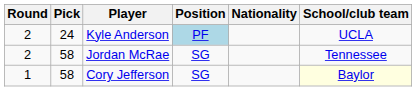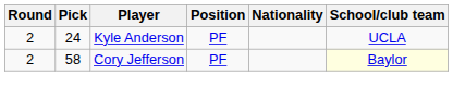 <table class="wikitable sortable sortable">
 <tr>
 <th>Round</th>
 <th>Pick</th>
 <th>Player</th>
 <th>Position</th>
 <th>Nationality</th>
 <th>School/club team</th>
 </tr>
 <tr style="text-align: center">
 <td>2</td>
 <td>24</td>
 <td><a href='#'>Kyle Anderson</a></td>
-<td style="background: lightblue;"><a href='#'>PF</a></td>
+<td><a href='#'>PF</a></td>
 <td></td>
 <td><a href='#'>UCLA</a></td>
 </tr>
 <tr style="text-align: center">
 <td>2</td>
 <td>58</td>
-<td><a href='#'>Jordan McRae</a></td>
-<td><a href='#'>SG</a></td>
-<td></td>
-<td><a href='#'>Tennessee</a></td>
-</tr>
-<tr style="text-align: center">
-<td>1</td>
-<td>58</td>
 <td><a href='#'>Cory Jefferson</a></td>
-<td><a href='#'>SG</a></td>
+<td><a href='#'>PF</a></td>
 <td></td>
 <td style="background: lightyellow;"><a href='#'>Baylor</a></td>
 </tr>
 </table>
